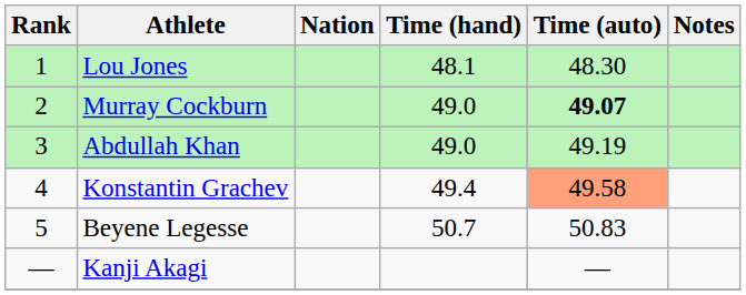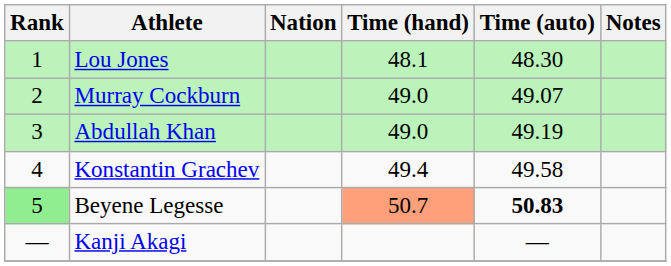 <table class="wikitable sortable" style="text-align:center">
 <tr>
 <th>Rank</th>
 <th>Athlete</th>
 <th>Nation</th>
 <th>Time (hand)</th>
 <th>Time (auto)</th>
 <th>Notes</th>
 </tr>
 <tr bgcolor=bbf3bb>
 <td>1</td>
 <td align=left><a href='#'>Lou Jones</a></td>
 <td align=left></td>
 <td>48.1</td>
 <td>48.30</td>
 <td></td>
 </tr>
 <tr bgcolor=bbf3bb>
 <td>2</td>
 <td align=left><a href='#'>Murray Cockburn</a></td>
 <td align=left></td>
 <td>49.0</td>
-<td><strong>49.07</strong></td>
+<td>49.07</td>
 <td></td>
 </tr>
 <tr bgcolor=bbf3bb>
 <td>3</td>
 <td align=left><a href='#'>Abdullah Khan</a></td>
 <td align=left></td>
 <td>49.0</td>
 <td>49.19</td>
 <td></td>
 </tr>
 <tr>
 <td>4</td>
 <td align=left><a href='#'>Konstantin Grachev</a></td>
 <td align=left></td>
 <td>49.4</td>
-<td style="background: lightsalmon;">49.58</td>
+<td>49.58</td>
 <td></td>
 </tr>
 <tr>
-<td>5</td>
+<td style="background: lightgreen;">5</td>
 <td align=left>Beyene Legesse</td>
 <td align=left></td>
-<td>50.7</td>
-<td>50.83</td>
+<td style="background: lightsalmon;">50.7</td>
+<td><strong>50.83</strong></td>
 <td></td>
 </tr>
 <tr>
 <td data-sort-value=6>—</td>
 <td align=left><a href='#'>Kanji Akagi</a></td>
 <td align=left></td>
 <td></td>
 <td>—</td>
 <td></td>
 </tr>
 <tr>
 </tr>
 </table>
